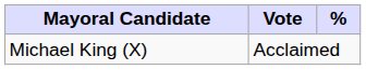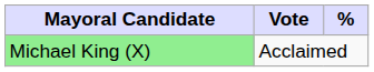 <table class="wikitable">
 <tr>
 <th style="background:#ddf; width:200px;">Mayoral Candidate</th>
 <th style="background:#ddf; width:50px;">Vote</th>
 <th style="background:#ddf; width:30px;">%</th>
 </tr>
 <tr>
-<td>Michael King (X)</td>
+<td style="background: lightgreen;">Michael King (X)</td>
 <td colspan="2">Acclaimed</td>
 </tr>
 </table>
